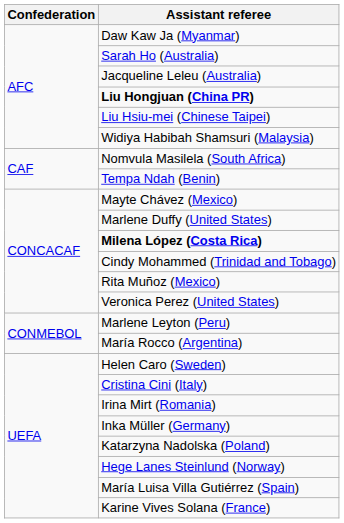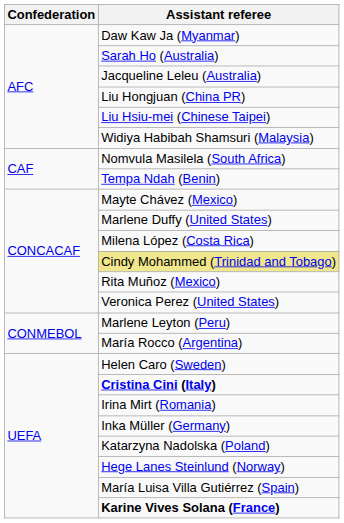 <table class="wikitable">
 <tr>
 <th>Confederation</th>
 <th>Assistant referee</th>
 </tr>
 <tr>
 <td rowspan="6"><a href='#'>AFC</a></td>
 <td>Daw Kaw Ja (<a href='#'>Myanmar</a>)</td>
 </tr>
 <tr>
 <td><a href='#'>Sarah Ho</a> (<a href='#'>Australia</a>)</td>
 </tr>
 <tr>
 <td>Jacqueline Leleu (<a href='#'>Australia</a>)</td>
 </tr>
 <tr>
-<td><strong>Liu Hongjuan (<a href='#'>China PR</a>)</strong></td>
+<td>Liu Hongjuan (<a href='#'>China PR</a>)</td>
 </tr>
 <tr>
 <td><a href='#'>Liu Hsiu-mei</a> (<a href='#'>Chinese Taipei</a>)</td>
 </tr>
 <tr>
 <td>Widiya Habibah Shamsuri (<a href='#'>Malaysia</a>)</td>
 </tr>
 <tr>
 <td rowspan="2"><a href='#'>CAF</a></td>
 <td>Nomvula Masilela (<a href='#'>South Africa</a>)</td>
 </tr>
 <tr>
 <td><a href='#'>Tempa Ndah</a> (<a href='#'>Benin</a>)</td>
 </tr>
 <tr>
 <td rowspan="6"><a href='#'>CONCACAF</a></td>
 <td>Mayte Chávez (<a href='#'>Mexico</a>)</td>
 </tr>
 <tr>
 <td>Marlene Duffy (<a href='#'>United States</a>)</td>
 </tr>
 <tr>
-<td><strong>Milena López (<a href='#'>Costa Rica</a>)</strong></td>
+<td>Milena López (<a href='#'>Costa Rica</a>)</td>
 </tr>
 <tr>
-<td>Cindy Mohammed (<a href='#'>Trinidad and Tobago</a>)</td>
+<td style="background: khaki;">Cindy Mohammed (<a href='#'>Trinidad and Tobago</a>)</td>
 </tr>
 <tr>
 <td>Rita Muñoz (<a href='#'>Mexico</a>)</td>
 </tr>
 <tr>
 <td>Veronica Perez (<a href='#'>United States</a>)</td>
 </tr>
 <tr>
 <td rowspan="2"><a href='#'>CONMEBOL</a></td>
 <td>Marlene Leyton (<a href='#'>Peru</a>)</td>
 </tr>
 <tr>
 <td>María Rocco (<a href='#'>Argentina</a>)</td>
 </tr>
 <tr>
 <td rowspan="8"><a href='#'>UEFA</a></td>
 <td>Helen Caro (<a href='#'>Sweden</a>)</td>
 </tr>
 <tr>
-<td><a href='#'>Cristina Cini</a> (<a href='#'>Italy</a>)</td>
+<td><strong><a href='#'>Cristina Cini</a> (<a href='#'>Italy</a>)</strong></td>
 </tr>
 <tr>
 <td>Irina Mirt (<a href='#'>Romania</a>)</td>
 </tr>
 <tr>
 <td>Inka Müller (<a href='#'>Germany</a>)</td>
 </tr>
 <tr>
 <td>Katarzyna Nadolska (<a href='#'>Poland</a>)</td>
 </tr>
 <tr>
 <td><a href='#'>Hege Lanes Steinlund</a> (<a href='#'>Norway</a>)</td>
 </tr>
 <tr>
 <td>María Luisa Villa Gutiérrez (<a href='#'>Spain</a>)</td>
 </tr>
 <tr>
-<td>Karine Vives Solana (<a href='#'>France</a>)</td>
+<td><strong>Karine Vives Solana (<a href='#'>France</a>)</strong></td>
 </tr>
 </table>
